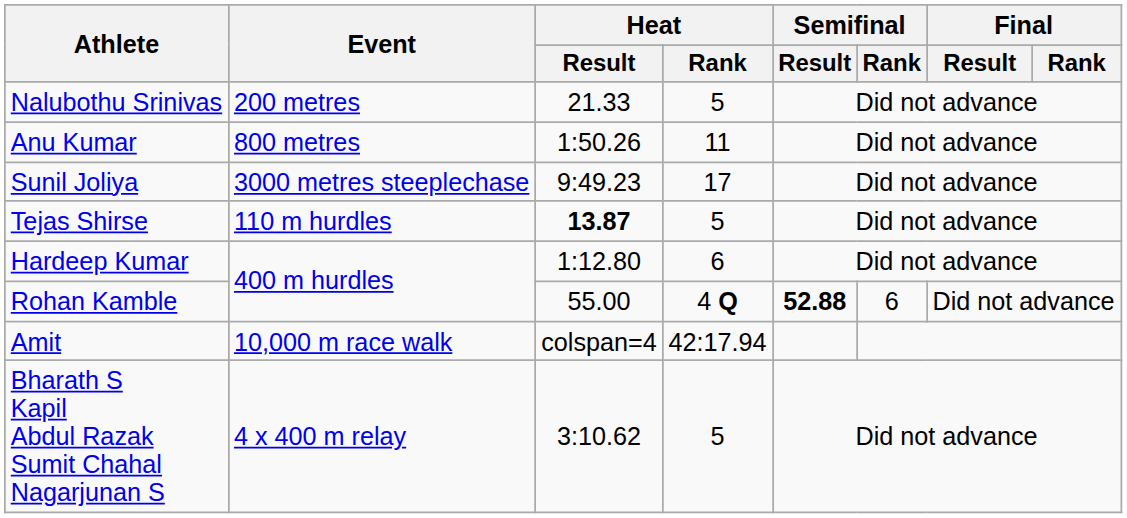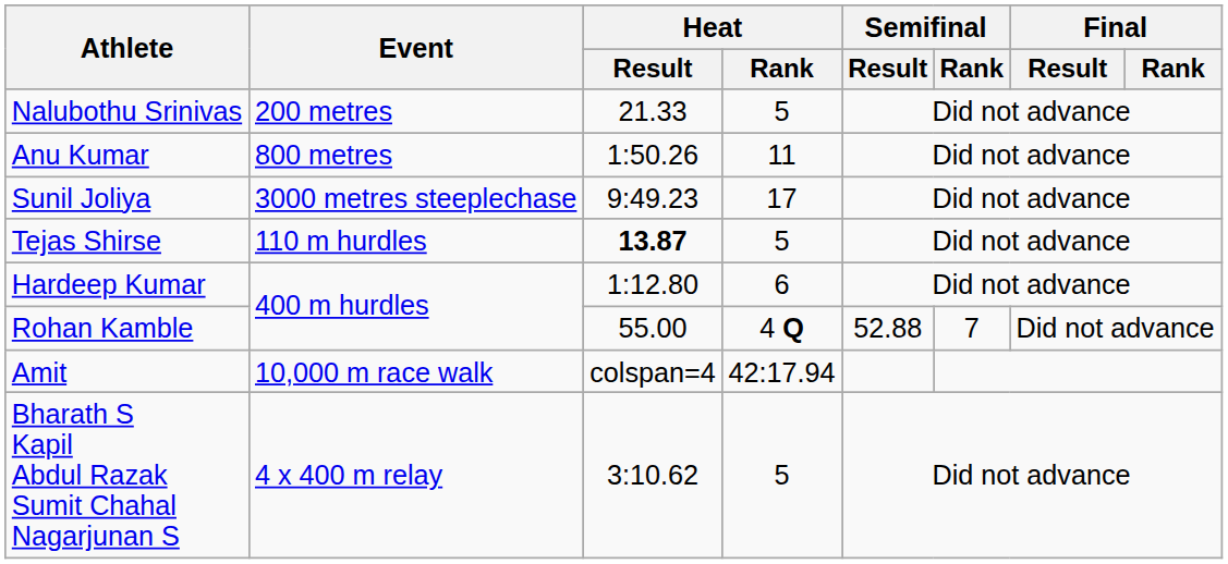 <table class="wikitable" style="font-size:90%">
 <tr>
 <th rowspan="2">Athlete</th>
 <th rowspan="2">Event</th>
 <th colspan="2">Heat</th>
 <th colspan="2">Semifinal</th>
 <th colspan="2">Final</th>
 </tr>
 <tr style="font-size:95%">
 <th>Result</th>
 <th>Rank</th>
 <th>Result</th>
 <th>Rank</th>
 <th>Result</th>
 <th>Rank</th>
 </tr>
 <tr style=text-align:center>
 <td style=text-align:left><a href='#'>Nalubothu Srinivas</a></td>
 <td style=text-align:left><a href='#'>200 metres</a></td>
 <td>21.33</td>
 <td>5</td>
 <td colspan="4">Did not advance</td>
 </tr>
 <tr style=text-align:center>
 <td style=text-align:left><a href='#'>Anu Kumar</a></td>
 <td style=text-align:left><a href='#'>800 metres</a></td>
 <td>1:50.26</td>
 <td>11</td>
 <td colspan="4">Did not advance</td>
 </tr>
 <tr style=text-align:center>
 <td style=text-align:left><a href='#'>Sunil Joliya</a></td>
 <td style=text-align:left><a href='#'>3000 metres steeplechase</a></td>
 <td>9:49.23</td>
 <td>17</td>
 <td colspan="4">Did not advance</td>
 </tr>
 <tr style=text-align:center>
 <td style=text-align:left><a href='#'>Tejas Shirse</a></td>
 <td style=text-align:left><a href='#'>110 m hurdles</a></td>
 <td><strong>13.87</strong></td>
 <td>5</td>
 <td colspan="4">Did not advance</td>
 </tr>
 <tr style=text-align:center>
 <td style=text-align:left><a href='#'>Hardeep Kumar</a></td>
 <td rowspan="2" style=text-align:left><a href='#'>400 m hurdles</a></td>
 <td>1:12.80</td>
 <td>6</td>
 <td colspan="4">Did not advance</td>
 </tr>
 <tr style=text-align:center>
 <td style=text-align:left><a href='#'>Rohan Kamble</a></td>
 <td>55.00</td>
 <td>4 <strong>Q</strong></td>
-<td><strong>52.88</strong></td>
-<td>6</td>
+<td>52.88</td>
+<td>7</td>
 <td colspan="2">Did not advance</td>
 </tr>
 <tr style=text-align:center>
 <td style=text-align:left><a href='#'>Amit</a></td>
 <td style=text-align:left><a href='#'>10,000 m race walk</a></td>
 <td>colspan=4 </td>
 <td>42:17.94</td>
 <td></td>
 </tr>
 <tr style=text-align:center>
 <td style=text-align:left><a href='#'>Bharath S</a><br><a href='#'>Kapil</a><br><a href='#'>Abdul Razak</a><br><a href='#'>Sumit Chahal</a><br><a href='#'>Nagarjunan S</a></td>
 <td style=text-align:left><a href='#'>4 x 400 m relay</a></td>
 <td>3:10.62</td>
 <td>5</td>
 <td colspan="4">Did not advance</td>
 </tr>
 </table>
